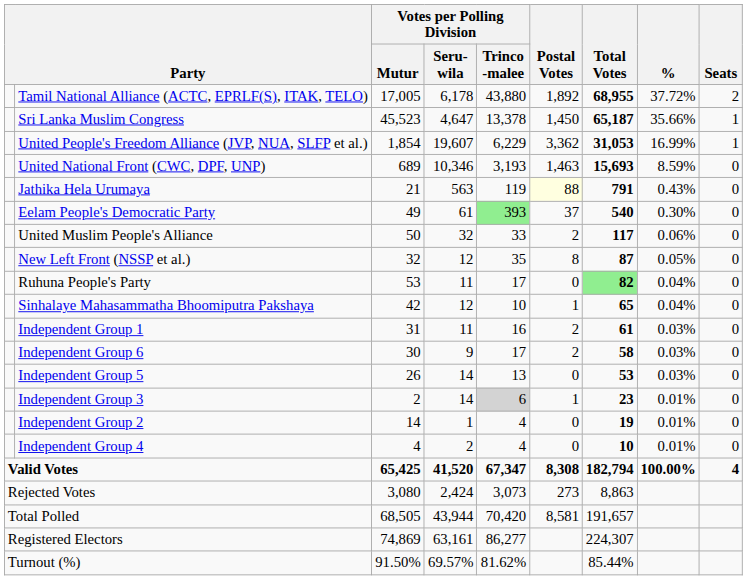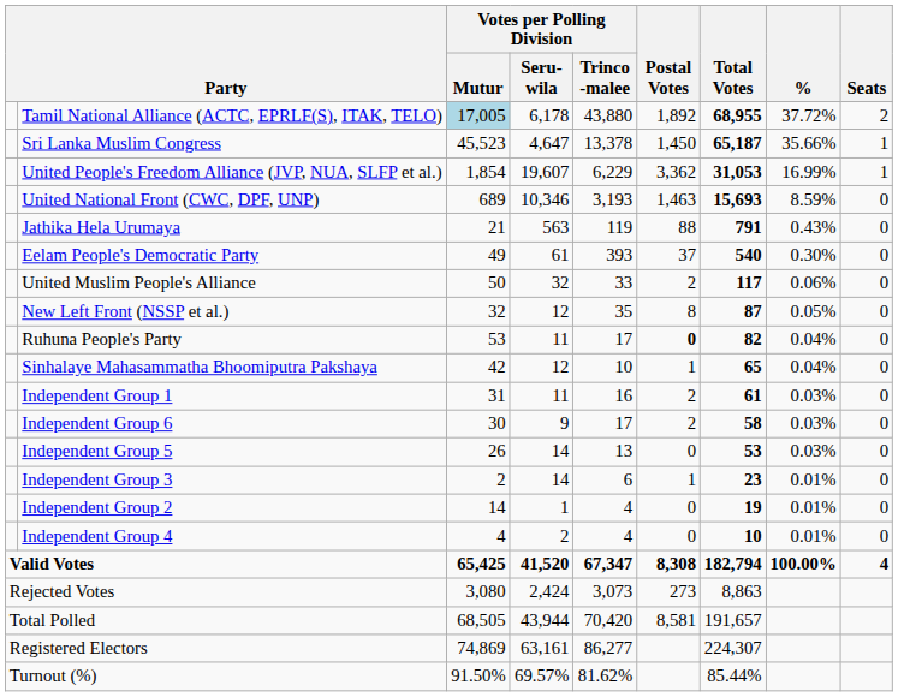 <table class="wikitable" border="1" style="text-align:right;">
 <tr>
 <th align=left valign=bottom rowspan=2 colspan=2>Party</th>
 <th colspan=3>Votes per Polling Division</th>
 <th align=center valign=bottom rowspan=2 width="50">Postal<br>Votes</th>
 <th align=center valign=bottom rowspan=2 width="50">Total Votes</th>
 <th align=center valign=bottom rowspan=2 width="50">%</th>
 <th align=center valign=bottom rowspan=2 width="40">Seats</th>
 </tr>
 <tr>
 <th align=center valign=bottom width="50">Mutur</th>
 <th align=center valign=bottom width="50">Seru-<br>wila</th>
 <th align=center valign=bottom width="50">Trinco<br>-malee</th>
 </tr>
 <tr>
 <td bgcolor=> </td>
 <td align=left><a href='#'>Tamil National Alliance</a> (<a href='#'>ACTC</a>, <a href='#'>EPRLF(S)</a>, <a href='#'>ITAK</a>, <a href='#'>TELO</a>)</td>
-<td>17,005</td>
+<td style="background: lightblue;">17,005</td>
 <td>6,178</td>
 <td>43,880</td>
 <td>1,892</td>
 <td><strong>68,955</strong></td>
 <td>37.72%</td>
 <td>2</td>
 </tr>
 <tr>
 <td bgcolor=> </td>
 <td align=left><a href='#'>Sri Lanka Muslim Congress</a></td>
 <td>45,523</td>
 <td>4,647</td>
 <td>13,378</td>
 <td>1,450</td>
 <td><strong>65,187</strong></td>
 <td>35.66%</td>
 <td>1</td>
 </tr>
 <tr>
 <td bgcolor=> </td>
 <td align=left><a href='#'>United People's Freedom Alliance</a> (<a href='#'>JVP</a>, <a href='#'>NUA</a>, <a href='#'>SLFP</a> et al.)</td>
 <td>1,854</td>
 <td>19,607</td>
 <td>6,229</td>
 <td>3,362</td>
 <td><strong>31,053</strong></td>
 <td>16.99%</td>
 <td>1</td>
 </tr>
 <tr>
 <td bgcolor=> </td>
 <td align=left><a href='#'>United National Front</a> (<a href='#'>CWC</a>, <a href='#'>DPF</a>, <a href='#'>UNP</a>)</td>
 <td>689</td>
 <td>10,346</td>
 <td>3,193</td>
 <td>1,463</td>
 <td><strong>15,693</strong></td>
 <td>8.59%</td>
 <td>0</td>
 </tr>
 <tr>
 <td bgcolor=> </td>
 <td align=left><a href='#'>Jathika Hela Urumaya</a></td>
 <td>21</td>
 <td>563</td>
 <td>119</td>
-<td style="background: lightyellow;">88</td>
+<td>88</td>
 <td><strong>791</strong></td>
 <td>0.43%</td>
 <td>0</td>
 </tr>
 <tr>
 <td bgcolor=> </td>
 <td align=left><a href='#'>Eelam People's Democratic Party</a></td>
 <td>49</td>
 <td>61</td>
-<td style="background: lightgreen;">393</td>
+<td>393</td>
 <td>37</td>
 <td><strong>540</strong></td>
 <td>0.30%</td>
 <td>0</td>
 </tr>
 <tr>
 <td></td>
 <td align=left>United Muslim People's Alliance</td>
 <td>50</td>
 <td>32</td>
 <td>33</td>
 <td>2</td>
 <td><strong>117</strong></td>
 <td>0.06%</td>
 <td>0</td>
 </tr>
 <tr>
 <td bgcolor=> </td>
 <td align=left><a href='#'>New Left Front</a> (<a href='#'>NSSP</a> et al.)</td>
 <td>32</td>
 <td>12</td>
 <td>35</td>
 <td>8</td>
 <td><strong>87</strong></td>
 <td>0.05%</td>
 <td>0</td>
 </tr>
 <tr>
 <td></td>
 <td align=left>Ruhuna People's Party</td>
 <td>53</td>
 <td>11</td>
 <td>17</td>
-<td>0</td>
-<td style="background: lightgreen;"><strong>82</strong></td>
+<td><strong>0</strong></td>
+<td><strong>82</strong></td>
 <td>0.04%</td>
 <td>0</td>
 </tr>
 <tr>
 <td bgcolor=> </td>
 <td align=left><a href='#'>Sinhalaye Mahasammatha Bhoomiputra Pakshaya</a></td>
 <td>42</td>
 <td>12</td>
 <td>10</td>
 <td>1</td>
 <td><strong>65</strong></td>
 <td>0.04%</td>
 <td>0</td>
 </tr>
 <tr>
 <td bgcolor=> </td>
 <td align=left><a href='#'>Independent Group 1</a></td>
 <td>31</td>
 <td>11</td>
 <td>16</td>
 <td>2</td>
 <td><strong>61</strong></td>
 <td>0.03%</td>
 <td>0</td>
 </tr>
 <tr>
 <td bgcolor=> </td>
 <td align=left><a href='#'>Independent Group 6</a></td>
 <td>30</td>
 <td>9</td>
 <td>17</td>
 <td>2</td>
 <td><strong>58</strong></td>
 <td>0.03%</td>
 <td>0</td>
 </tr>
 <tr>
 <td bgcolor=> </td>
 <td align=left><a href='#'>Independent Group 5</a></td>
 <td>26</td>
 <td>14</td>
 <td>13</td>
 <td>0</td>
 <td><strong>53</strong></td>
 <td>0.03%</td>
 <td>0</td>
 </tr>
 <tr>
 <td bgcolor=> </td>
 <td align=left><a href='#'>Independent Group 3</a></td>
 <td>2</td>
 <td>14</td>
-<td style="background: lightgrey;">6</td>
+<td>6</td>
 <td>1</td>
 <td><strong>23</strong></td>
 <td>0.01%</td>
 <td>0</td>
 </tr>
 <tr>
 <td bgcolor=> </td>
 <td align=left><a href='#'>Independent Group 2</a></td>
 <td>14</td>
 <td>1</td>
 <td>4</td>
 <td>0</td>
 <td><strong>19</strong></td>
 <td>0.01%</td>
 <td>0</td>
 </tr>
 <tr>
 <td bgcolor=> </td>
 <td align=left><a href='#'>Independent Group 4</a></td>
 <td>4</td>
 <td>2</td>
 <td>4</td>
 <td>0</td>
 <td><strong>10</strong></td>
 <td>0.01%</td>
 <td>0</td>
 </tr>
 <tr>
 <td align=left colspan=2><strong>Valid Votes</strong></td>
 <td><strong>65,425</strong></td>
 <td><strong>41,520</strong></td>
 <td><strong>67,347</strong></td>
 <td><strong>8,308</strong></td>
 <td><strong>182,794</strong></td>
 <td><strong>100.00%</strong></td>
 <td><strong>4</strong></td>
 </tr>
 <tr>
 <td align=left colspan=2>Rejected Votes</td>
 <td>3,080</td>
 <td>2,424</td>
 <td>3,073</td>
 <td>273</td>
 <td>8,863</td>
 <td></td>
 <td></td>
 </tr>
 <tr>
 <td align=left colspan=2>Total Polled</td>
 <td>68,505</td>
 <td>43,944</td>
 <td>70,420</td>
 <td>8,581</td>
 <td>191,657</td>
 <td></td>
 <td></td>
 </tr>
 <tr>
 <td align=left colspan=2>Registered Electors</td>
 <td>74,869</td>
 <td>63,161</td>
 <td>86,277</td>
 <td></td>
 <td>224,307</td>
 <td></td>
 <td></td>
 </tr>
 <tr>
 <td align=left colspan=2>Turnout (%)</td>
 <td>91.50%</td>
 <td>69.57%</td>
 <td>81.62%</td>
 <td></td>
 <td>85.44%</td>
 <td></td>
 <td></td>
 </tr>
 </table>
